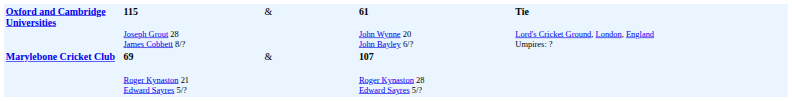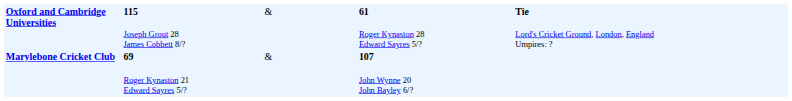 <table width="100%" style="background: #EBF5FF">
 <tr>
 <td width="15%" valign="top" rowspan="2"><strong><a href='#'>Oxford and Cambridge Universities</a></strong></td>
 <td width="18%"><strong>115</strong></td>
 <td width="12%">&</td>
 <td width="20%"><strong>61</strong></td>
 <td width="35%"><strong>Tie</strong></td>
 </tr>
 <tr>
 <td style="font-size: 85%;" valign="top"><br><a href='#'>Joseph Grout</a> 28<br> <a href='#'>James Cobbett</a> 8/?</td>
 <td></td>
-<td style="font-size: 85%;"><br><a href='#'>John Wynne</a> 20<br> <a href='#'>John Bayley</a> 6/?</td>
+<td valign="top" style="font-size: 85%;"><br><a href='#'>Roger Kynaston</a> 28<br> <a href='#'>Edward Sayres</a> 5/?</td>
 <td valign="top" style="font-size: 85%;" rowspan="3"><br><a href='#'>Lord's Cricket Ground</a>, <a href='#'>London</a>, <a href='#'>England</a><br> Umpires: ?</td>
 </tr>
 <tr>
 <td valign="top" rowspan="2"><strong><a href='#'>Marylebone Cricket Club</a></strong></td>
 <td><strong>69</strong></td>
 <td>&</td>
 <td><strong>107</strong></td>
 </tr>
 <tr>
 <td style="font-size: 85%;"><br><a href='#'>Roger Kynaston</a> 21<br> <a href='#'>Edward Sayres</a> 5/?</td>
 <td></td>
-<td valign="top" style="font-size: 85%;"><br><a href='#'>Roger Kynaston</a> 28<br> <a href='#'>Edward Sayres</a> 5/?</td>
+<td style="font-size: 85%;"><br><a href='#'>John Wynne</a> 20<br> <a href='#'>John Bayley</a> 6/?</td>
 </tr>
 </table>
